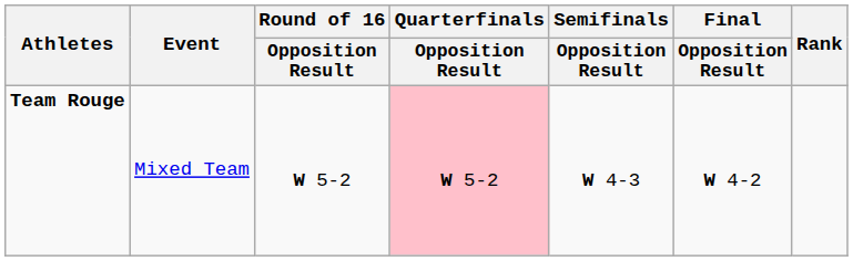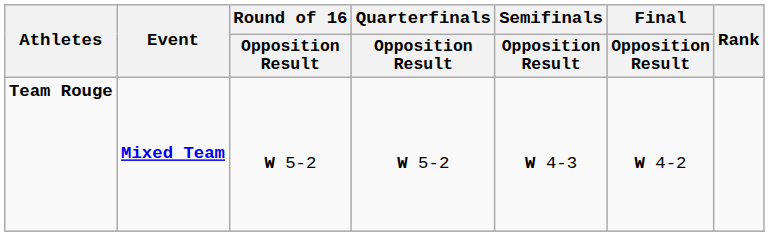 <table class="wikitable" style="font-size:90%">
 <tr>
 <th rowspan="2">Athletes</th>
 <th rowspan="2">Event</th>
 <th>Round of 16</th>
 <th>Quarterfinals</th>
 <th>Semifinals</th>
 <th>Final</th>
 <th rowspan=2>Rank</th>
 </tr>
 <tr style="font-size:95%">
 <th>Opposition<br>Result</th>
 <th>Opposition<br>Result</th>
 <th>Opposition<br>Result</th>
 <th>Opposition<br>Result</th>
 </tr>
 <tr align=center>
 <td align=left><strong>Team Rouge</strong><br><br><br><br><br><br><br></td>
-<td align=left><a href='#'>Mixed Team</a></td>
+<td align=left><strong><a href='#'>Mixed Team</a></strong></td>
 <td><br> <strong>W</strong> 5-2</td>
-<td style="background: pink;"><br> <strong>W</strong> 5-2</td>
+<td><br> <strong>W</strong> 5-2</td>
 <td><br> <strong>W</strong> 4-3</td>
 <td><br> <strong>W</strong> 4-2</td>
 <td></td>
 </tr>
 </table>
